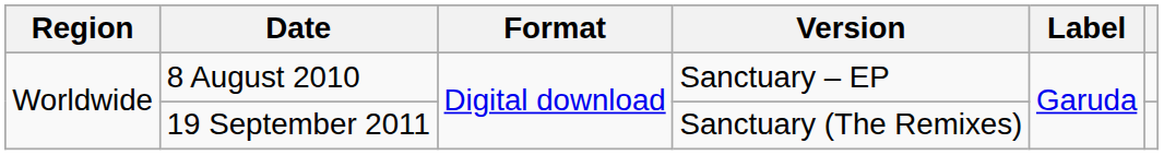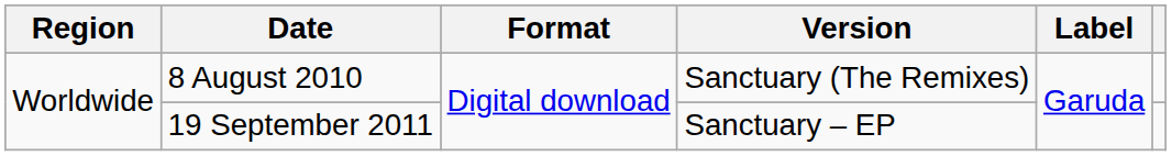 <table class="wikitable plainrowheaders">
 <tr>
 <th>Region</th>
 <th>Date</th>
 <th>Format</th>
 <th>Version</th>
 <th>Label</th>
 <th></th>
 </tr>
 <tr>
 <td rowspan="2" scope="row">Worldwide</td>
 <td>8 August 2010</td>
 <td rowspan="2"><a href='#'>Digital download</a></td>
-<td>Sanctuary – EP</td>
+<td>Sanctuary (The Remixes)</td>
 <td rowspan="2"><a href='#'>Garuda</a></td>
 <td></td>
 </tr>
 <tr>
 <td>19 September 2011</td>
-<td>Sanctuary (The Remixes)</td>
+<td>Sanctuary – EP</td>
 <td></td>
 </tr>
 </table>
